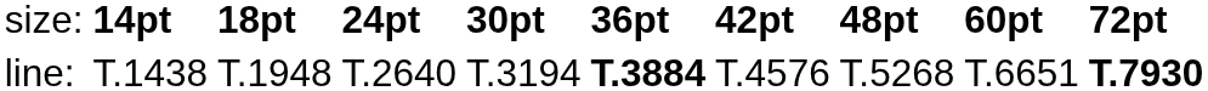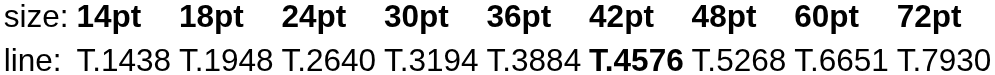 <table style="margin-left:40px;">
 <tr>
 <td>size:</td>
 <td><strong>14pt</strong></td>
 <td><strong>18pt</strong></td>
 <td><strong>24pt</strong></td>
 <td><strong>30pt</strong></td>
 <td><strong>36pt</strong></td>
 <td><strong>42pt</strong></td>
 <td><strong>48pt</strong></td>
 <td><strong>60pt</strong></td>
 <td><strong>72pt</strong></td>
 </tr>
 <tr>
 <td>line:</td>
 <td>T.1438</td>
 <td>T.1948</td>
 <td>T.2640</td>
 <td>T.3194</td>
-<td><strong>T.3884</strong></td>
-<td>T.4576</td>
+<td>T.3884</td>
+<td><strong>T.4576</strong></td>
 <td>T.5268</td>
 <td>T.6651</td>
-<td><strong>T.7930</strong></td>
+<td>T.7930</td>
 </tr>
 </table>
